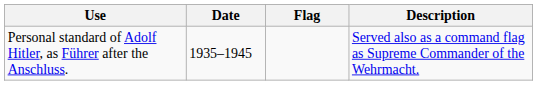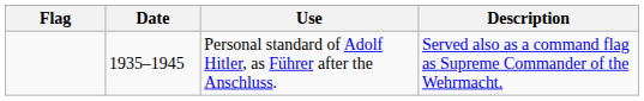 <table class="wikitable">
 <tr>
+<th width="110">Flag</th>
+<th width="100">Date</th>
 <th width="250">Use</th>
-<th width="100">Date</th>
-<th width="110">Flag</th>
 <th width="250">Description</th>
 </tr>
 <tr>
+<td></td>
+<td>1935–1945</td>
 <td>Personal standard of <a href='#'>Adolf Hitler</a>, as <a href='#'>Führer</a> after the <a href='#'>Anschluss</a>.</td>
-<td>1935–1945</td>
-<td></td>
 <td><a href='#'>Served also as a command flag as Supreme Commander of the Wehrmacht.</a></td>
 </tr>
 </table>
